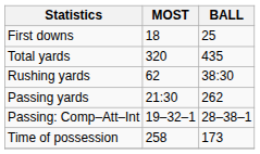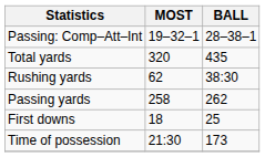 <table class="wikitable" style="float: left;">
 <tr>
 <th>Statistics</th>
 <th>MOST</th>
 <th>BALL</th>
 </tr>
 <tr>
-<td>First downs</td>
-<td>18</td>
-<td>25</td>
+<td>Passing: Comp–Att–Int</td>
+<td>19–32–1</td>
+<td>28–38–1</td>
 </tr>
 <tr>
 <td>Total yards</td>
 <td>320</td>
 <td>435</td>
 </tr>
 <tr>
 <td>Rushing yards</td>
 <td>62</td>
 <td>38:30</td>
 </tr>
 <tr>
 <td>Passing yards</td>
-<td>21:30</td>
+<td>258</td>
 <td>262</td>
 </tr>
 <tr>
-<td>Passing: Comp–Att–Int</td>
-<td>19–32–1</td>
-<td>28–38–1</td>
+<td>First downs</td>
+<td>18</td>
+<td>25</td>
 </tr>
 <tr>
 <td>Time of possession</td>
-<td>258</td>
+<td>21:30</td>
 <td>173</td>
 </tr>
 <tr>
 </tr>
 </table>
